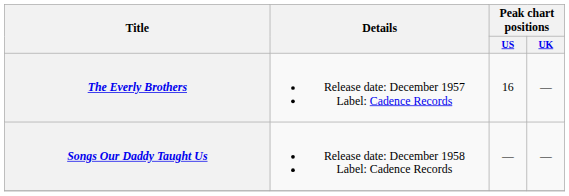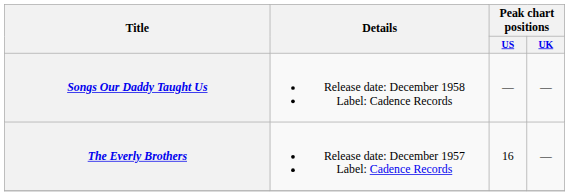 <table class="wikitable plainrowheaders" style="text-align:center;">
 <tr>
 <th rowspan="2" style="width:22em;">Title</th>
 <th rowspan="2" style="width:18em;">Details</th>
 <th colspan="2">Peak chart<br>positions</th>
 </tr>
 <tr style="font-size:smaller;">
 <th width="45"><a href='#'>US</a></th>
 <th width="45"><a href='#'>UK</a></th>
 </tr>
 <tr>
+<th scope="row"><em><a href='#'>Songs Our Daddy Taught Us</a></em></th>
+<td><br><ul><li>Release date: December 1958</li><li>Label: Cadence Records</li></ul></td>
+<td>—</td>
+<td>—</td>
+</tr>
+<tr>
 <th scope="row"><em><a href='#'>The Everly Brothers</a></em></th>
 <td><br><ul><li>Release date: December 1957</li><li>Label: <a href='#'>Cadence Records</a></li></ul></td>
 <td>16</td>
 <td>—</td>
 </tr>
 <tr>
-<th scope="row"><em><a href='#'>Songs Our Daddy Taught Us</a></em></th>
-<td><br><ul><li>Release date: December 1958</li><li>Label: Cadence Records</li></ul></td>
-<td>—</td>
-<td>—</td>
-</tr>
-<tr>
 </tr>
 </table>
